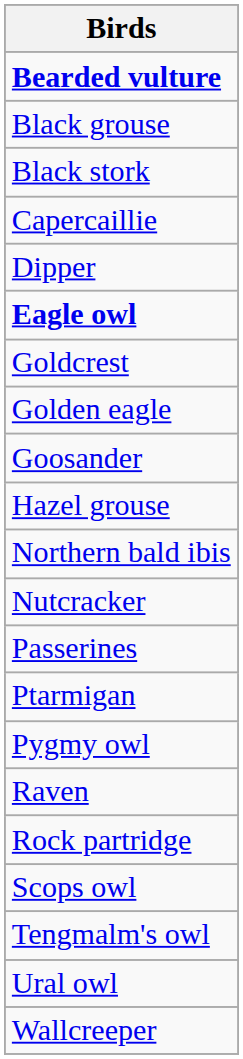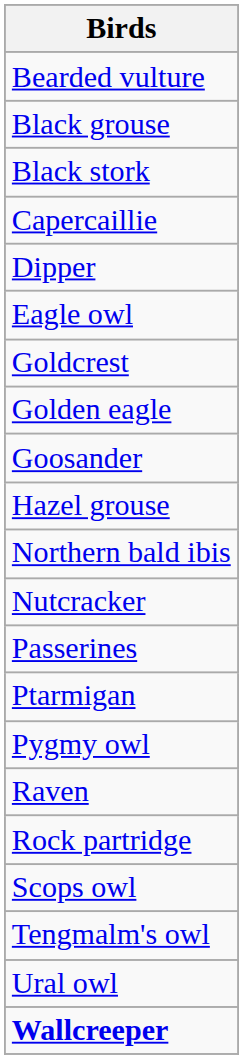 <table class="wikitable sortable mw-collapsible mw-collapsed">
 <tr>
 <th>Birds</th>
 </tr>
 <tr>
-<td><strong><a href='#'>Bearded vulture</a></strong></td>
+<td><a href='#'>Bearded vulture</a></td>
 </tr>
 <tr>
 <td><a href='#'>Black grouse</a></td>
 </tr>
 <tr>
 <td><a href='#'>Black stork</a></td>
 </tr>
 <tr>
 <td><a href='#'>Capercaillie</a></td>
 </tr>
 <tr>
 <td><a href='#'>Dipper</a></td>
 </tr>
 <tr>
-<td><strong><a href='#'>Eagle owl</a></strong></td>
+<td><a href='#'>Eagle owl</a></td>
 </tr>
 <tr>
 <td><a href='#'>Goldcrest</a></td>
 </tr>
 <tr>
 <td><a href='#'>Golden eagle</a></td>
 </tr>
 <tr>
 <td><a href='#'>Goosander</a></td>
 </tr>
 <tr>
 <td><a href='#'>Hazel grouse</a></td>
 </tr>
 <tr>
 <td><a href='#'>Northern bald ibis</a></td>
 </tr>
 <tr>
 <td><a href='#'>Nutcracker</a></td>
 </tr>
 <tr>
 <td><a href='#'>Passerines</a></td>
 </tr>
 <tr>
 <td><a href='#'>Ptarmigan</a></td>
 </tr>
 <tr>
 <td><a href='#'>Pygmy owl</a></td>
 </tr>
 <tr>
 <td><a href='#'>Raven</a></td>
 </tr>
 <tr>
 <td><a href='#'>Rock partridge</a></td>
 </tr>
 <tr>
 <td><a href='#'>Scops owl</a></td>
 </tr>
 <tr>
 <td><a href='#'>Tengmalm's owl</a></td>
 </tr>
 <tr>
 <td><a href='#'>Ural owl</a></td>
 </tr>
 <tr>
-<td><a href='#'>Wallcreeper</a></td>
+<td><strong><a href='#'>Wallcreeper</a></strong></td>
 </tr>
 </table>
